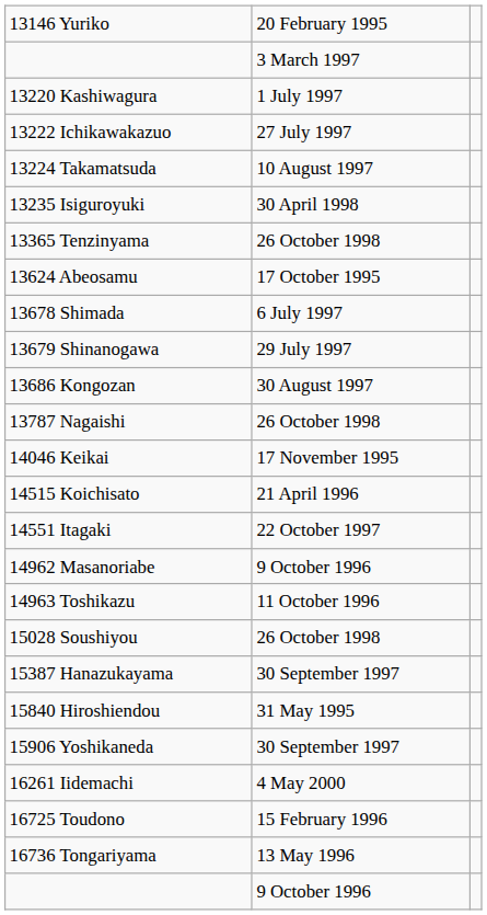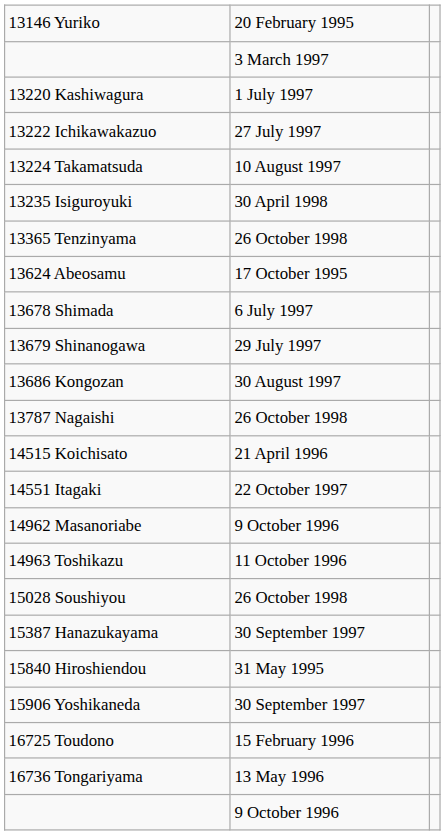 <table class="wikitable" style="font-size: 89%; float: left; width: 26em; margin-right: 1em; height: 700px;">
 <tr>
 <td>13146 Yuriko</td>
 <td>20 February 1995</td>
 <td></td>
 </tr>
 <tr>
 <td></td>
 <td>3 March 1997</td>
 <td></td>
 </tr>
 <tr>
 <td>13220 Kashiwagura</td>
 <td>1 July 1997</td>
 <td></td>
 </tr>
 <tr>
 <td>13222 Ichikawakazuo</td>
 <td>27 July 1997</td>
 <td></td>
 </tr>
 <tr>
 <td>13224 Takamatsuda</td>
 <td>10 August 1997</td>
 <td></td>
 </tr>
 <tr>
 <td>13235 Isiguroyuki</td>
 <td>30 April 1998</td>
 <td></td>
 </tr>
 <tr>
 <td>13365 Tenzinyama</td>
 <td>26 October 1998</td>
 <td></td>
 </tr>
 <tr>
 <td>13624 Abeosamu</td>
 <td>17 October 1995</td>
 <td></td>
 </tr>
 <tr>
 <td>13678 Shimada</td>
 <td>6 July 1997</td>
 <td></td>
 </tr>
 <tr>
 <td>13679 Shinanogawa</td>
 <td>29 July 1997</td>
 <td></td>
 </tr>
 <tr>
 <td>13686 Kongozan</td>
 <td>30 August 1997</td>
 <td></td>
 </tr>
 <tr>
 <td>13787 Nagaishi</td>
 <td>26 October 1998</td>
 <td></td>
 </tr>
 <tr>
-<td>14046 Keikai</td>
-<td>17 November 1995</td>
-<td></td>
-</tr>
-<tr>
 <td>14515 Koichisato</td>
 <td>21 April 1996</td>
 <td></td>
 </tr>
 <tr>
 <td>14551 Itagaki</td>
 <td>22 October 1997</td>
 <td></td>
 </tr>
 <tr>
 <td>14962 Masanoriabe</td>
 <td>9 October 1996</td>
 <td></td>
 </tr>
 <tr>
 <td>14963 Toshikazu</td>
 <td>11 October 1996</td>
 <td></td>
 </tr>
 <tr>
 <td>15028 Soushiyou</td>
 <td>26 October 1998</td>
 <td></td>
 </tr>
 <tr>
 <td>15387 Hanazukayama</td>
 <td>30 September 1997</td>
 <td></td>
 </tr>
 <tr>
 <td>15840 Hiroshiendou</td>
 <td>31 May 1995</td>
 <td></td>
 </tr>
 <tr>
 <td>15906 Yoshikaneda</td>
 <td>30 September 1997</td>
 <td></td>
 </tr>
 <tr>
-<td>16261 Iidemachi</td>
-<td>4 May 2000</td>
-<td></td>
-</tr>
-<tr>
 <td>16725 Toudono</td>
 <td>15 February 1996</td>
 <td></td>
 </tr>
 <tr>
 <td>16736 Tongariyama</td>
 <td>13 May 1996</td>
 <td></td>
 </tr>
 <tr>
 <td></td>
 <td>9 October 1996</td>
 <td></td>
 </tr>
 </table>
